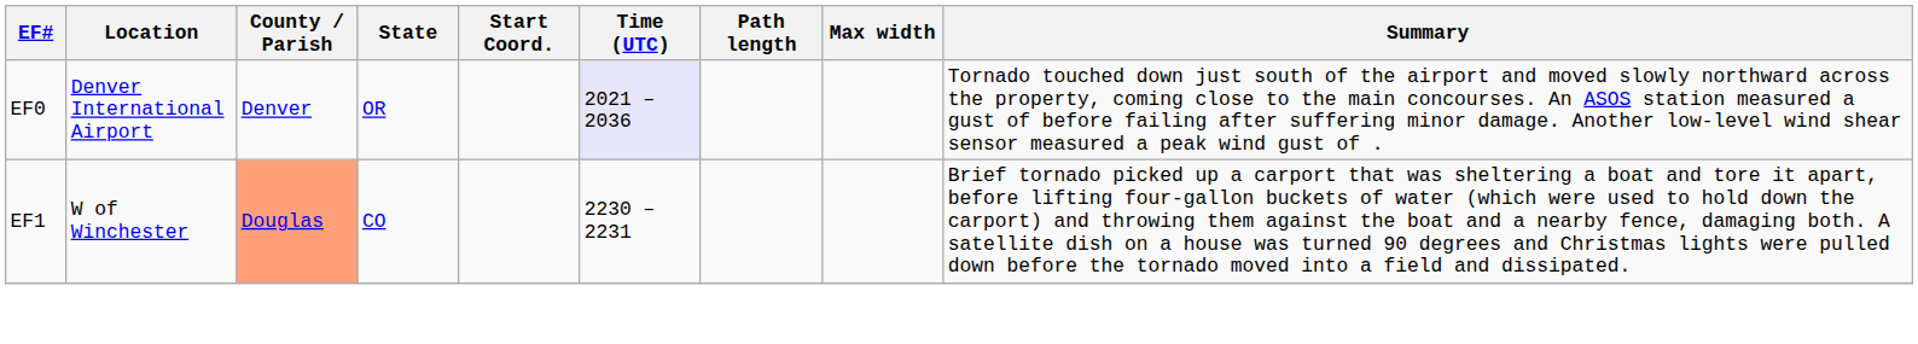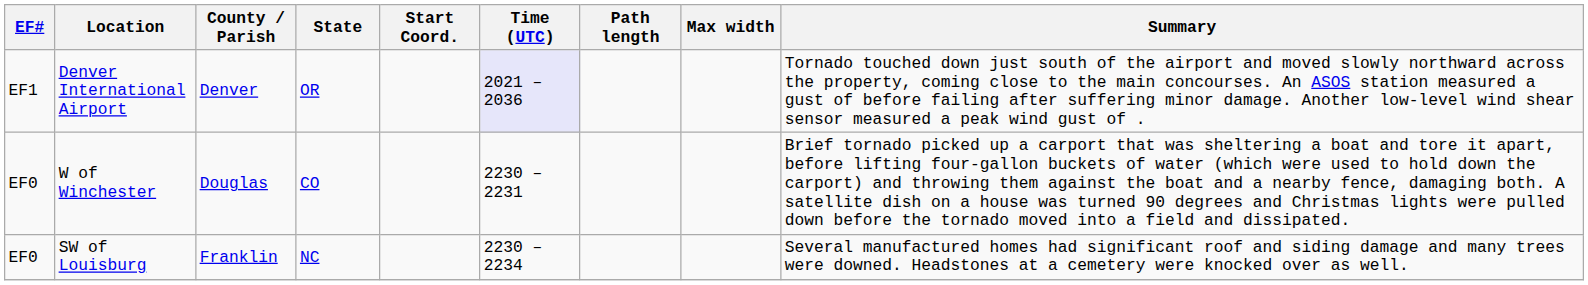 <table class="wikitable sortable" style="width:100%;">
 <tr>
 <th scope="col" width="3%" align="center"><a href='#'>EF#</a></th>
 <th scope="col" width="7%" align="center" class="unsortable">Location</th>
 <th scope="col" width="6%" align="center" class="unsortable">County / Parish</th>
 <th scope="col" width="5%" align="center">State</th>
 <th scope="col" width="6%" align="center">Start Coord.</th>
 <th scope="col" width="6%" align="center">Time (<a href='#'>UTC</a>)</th>
 <th scope="col" width="6%" align="center">Path length</th>
 <th scope="col" width="6%" align="center">Max width</th>
 <th scope="col" width="48%" class="unsortable" align="center">Summary</th>
 </tr>
 <tr>
-<td>EF0</td>
+<td>EF1</td>
 <td><a href='#'>Denver International Airport</a></td>
 <td><a href='#'>Denver</a></td>
 <td><a href='#'>OR</a></td>
 <td></td>
 <td style="background: lavender;">2021 – 2036</td>
 <td></td>
 <td></td>
 <td>Tornado touched down just south of the airport and moved slowly northward across the property, coming close to the main concourses. An <a href='#'>ASOS</a> station measured a gust of  before failing after suffering minor damage. Another low-level wind shear sensor measured a peak wind gust of .</td>
 </tr>
 <tr>
-<td>EF1</td>
+<td>EF0</td>
 <td>W of <a href='#'>Winchester</a></td>
-<td style="background: lightsalmon;"><a href='#'>Douglas</a></td>
+<td><a href='#'>Douglas</a></td>
 <td><a href='#'>CO</a></td>
 <td></td>
 <td>2230 – 2231</td>
 <td></td>
 <td></td>
 <td>Brief tornado picked up a carport that was sheltering a boat and tore it apart, before lifting four-gallon buckets of water (which were used to hold down the carport) and throwing them against the boat and a nearby fence, damaging both. A satellite dish on a house was turned 90 degrees and Christmas lights were pulled down before the tornado moved into a field and dissipated.</td>
 </tr>
 <tr>
+<td>EF0</td>
+<td>SW of <a href='#'>Louisburg</a></td>
+<td><a href='#'>Franklin</a></td>
+<td><a href='#'>NC</a></td>
+<td></td>
+<td>2230 – 2234</td>
+<td></td>
+<td></td>
+<td>Several manufactured homes had significant roof and siding damage and many trees were downed. Headstones at a cemetery were knocked over as well.</td>
+</tr>
+<tr>
 </tr>
 </table>
